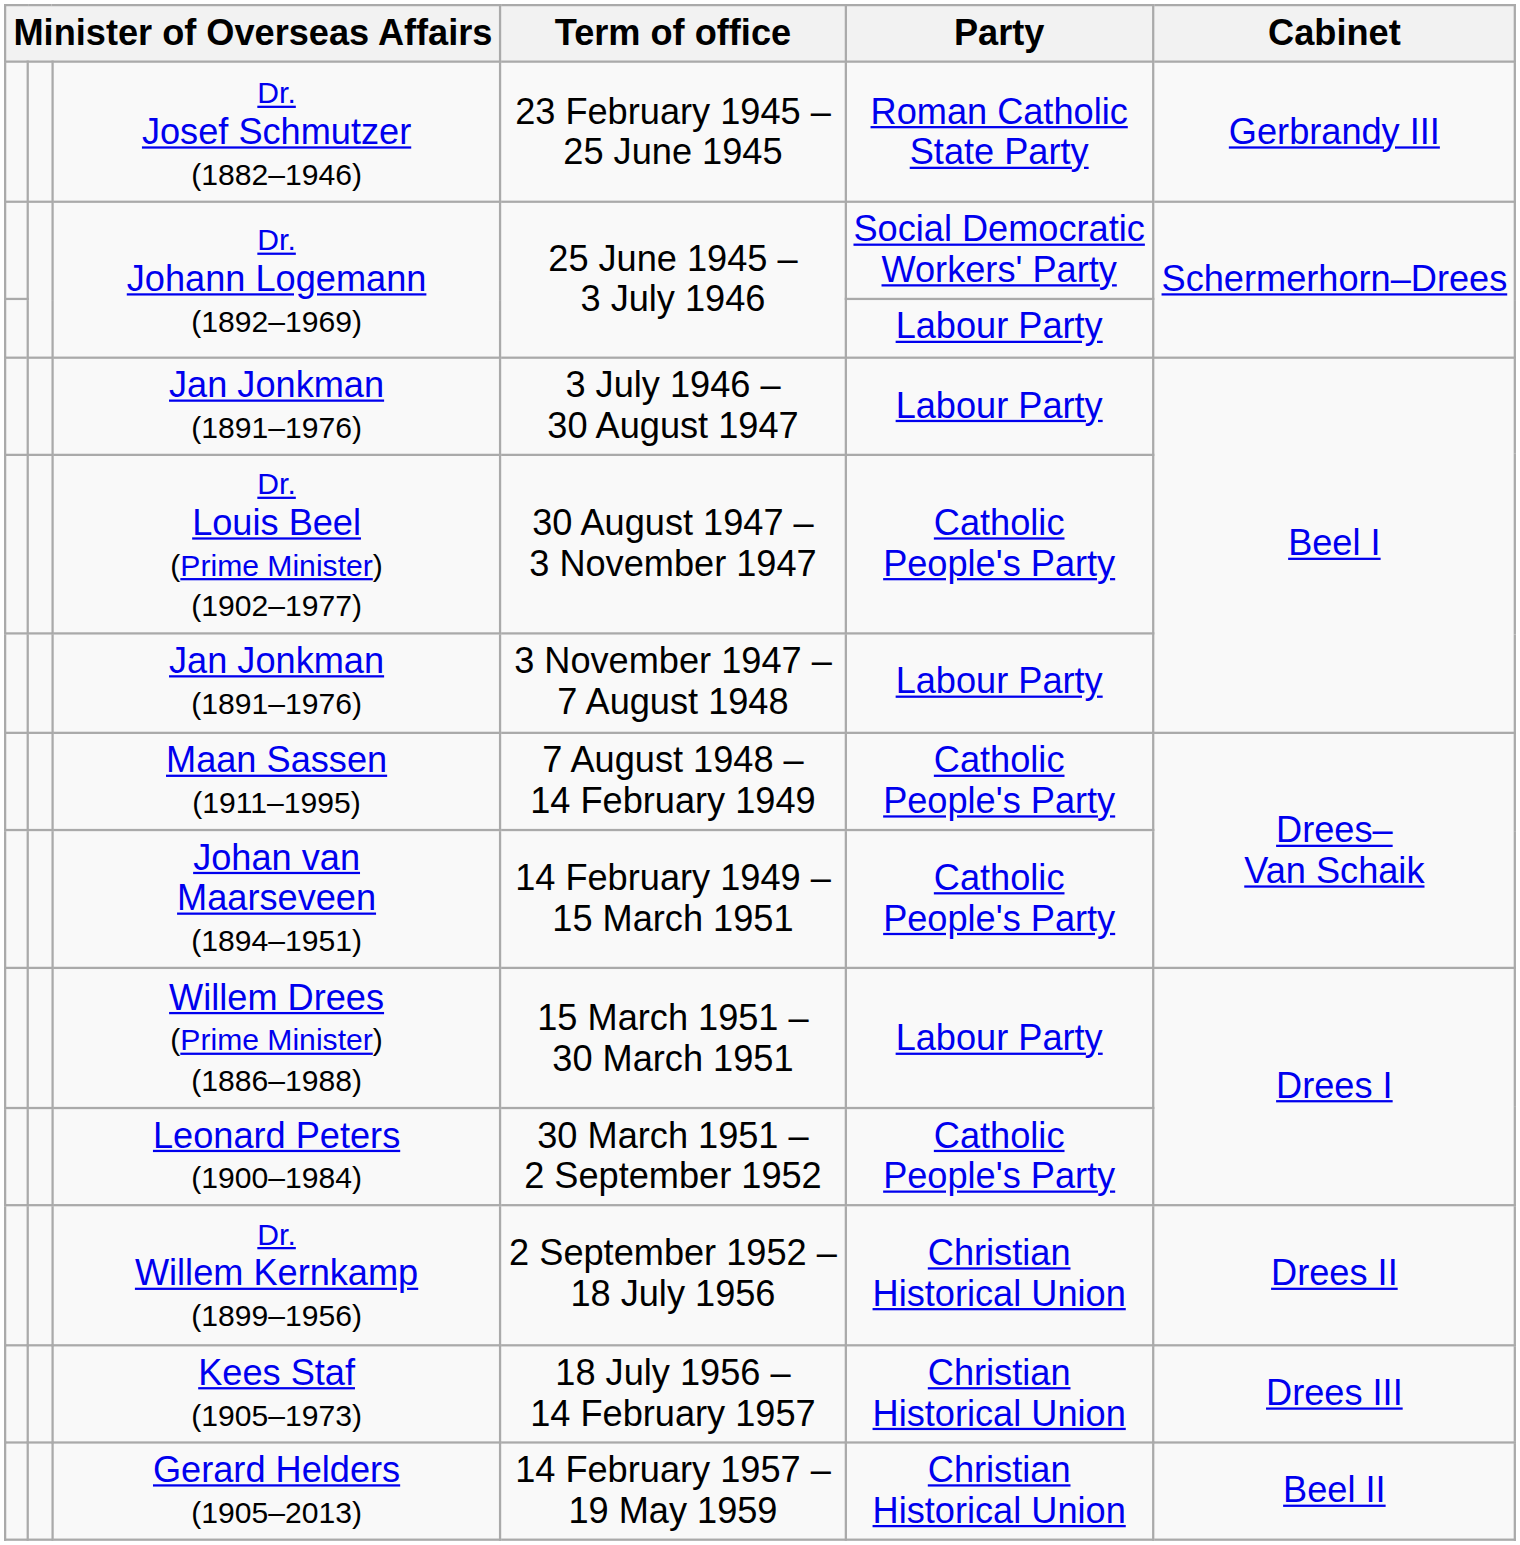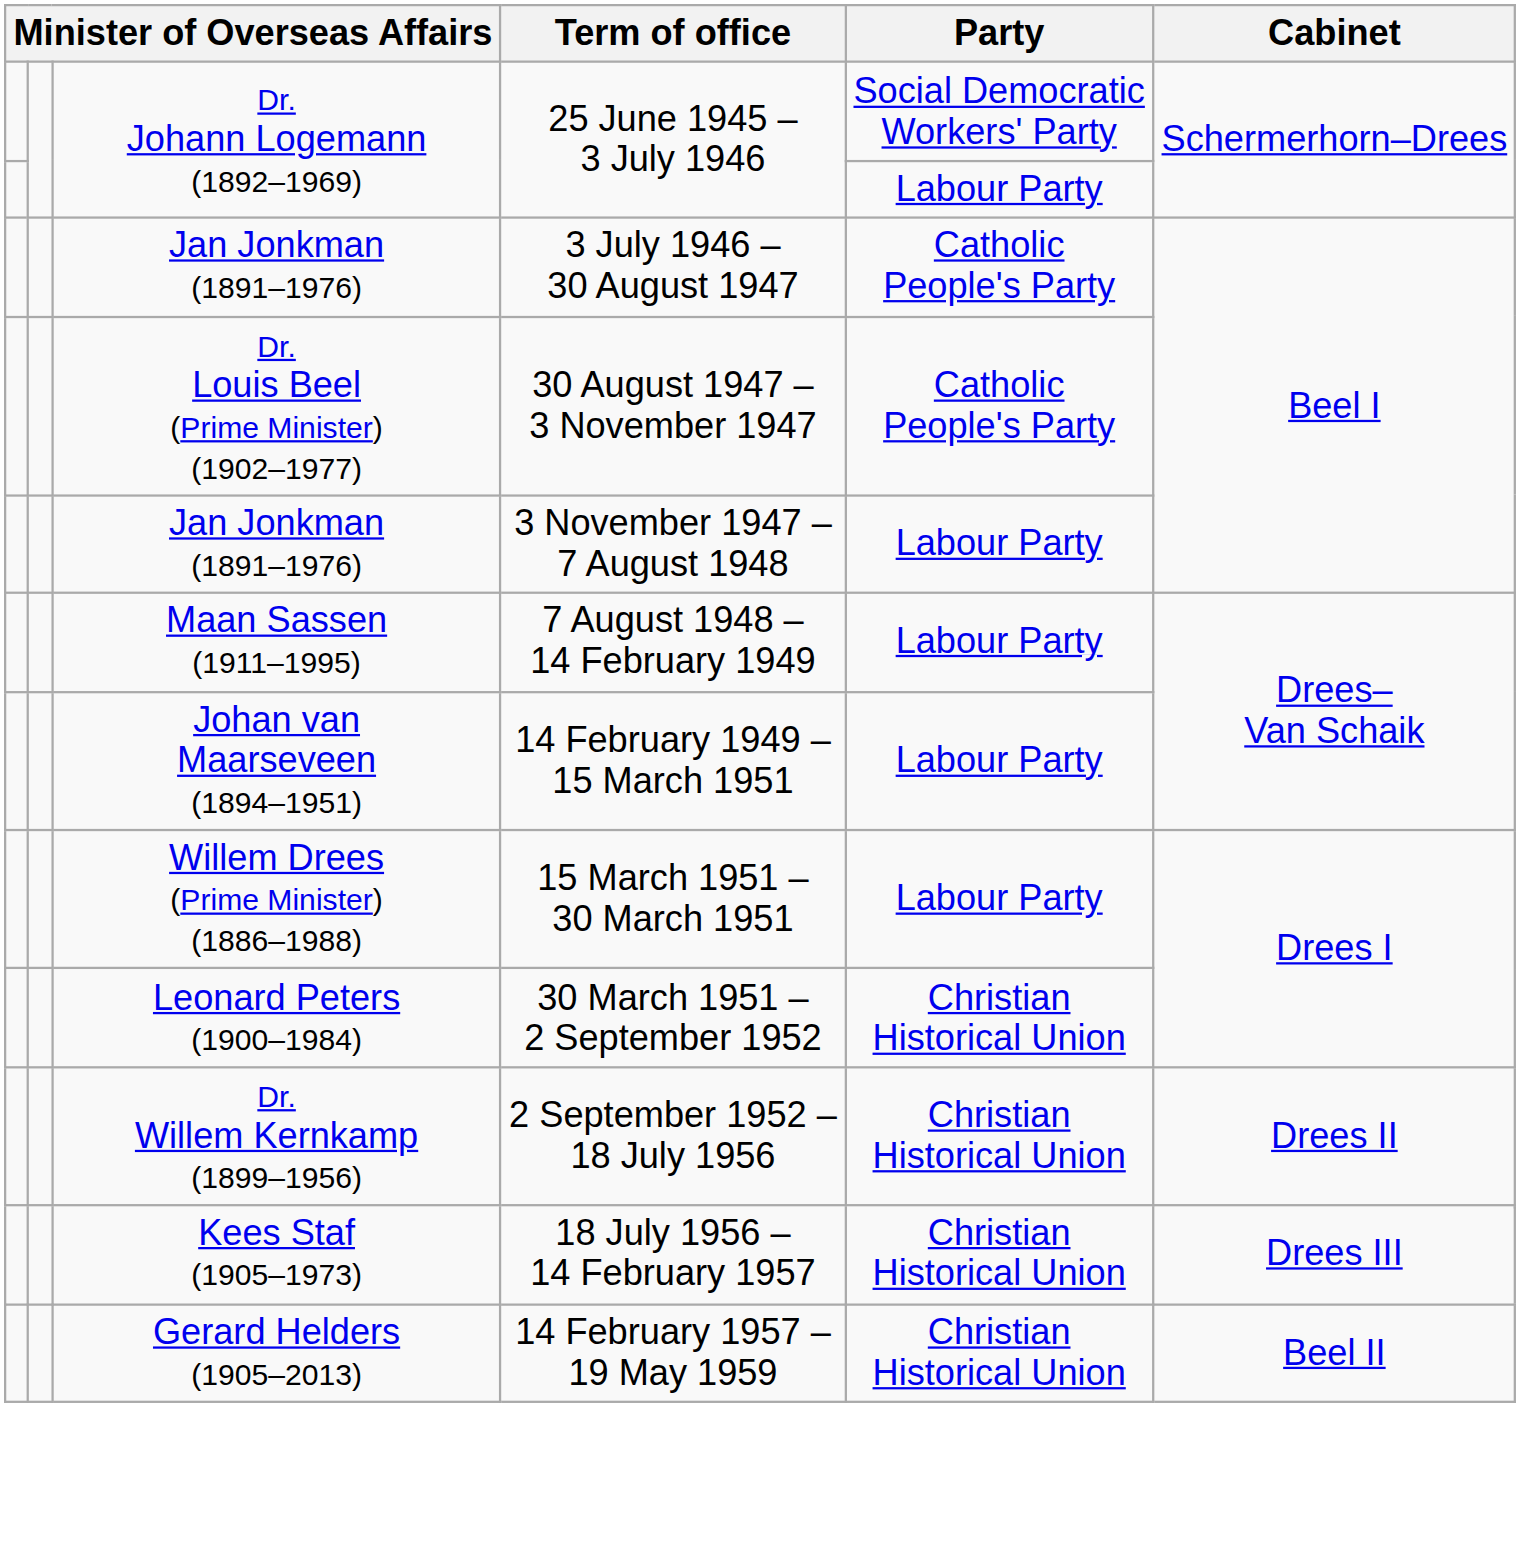 <table class="wikitable" style="text-align:center">
 <tr>
 <th colspan=3>Minister of Overseas Affairs</th>
 <th>Term of office</th>
 <th>Party</th>
 <th>Cabinet</th>
-</tr>
-<tr>
-<td style="background:"></td>
-<td></td>
-<td><small><a href='#'>Dr.</a></small> <br> <a href='#'>Josef Schmutzer</a> <br> <small>(1882–1946)</small></td>
-<td>23 February 1945 – <br> 25 June 1945</td>
-<td><a href='#'>Roman Catholic <br> State Party</a></td>
-<td><a href='#'>Gerbrandy III</a> <br></td>
 </tr>
 <tr>
 <td style="background:"></td>
 <td rowspan=2></td>
 <td rowspan=2><small><a href='#'>Dr.</a></small> <br> <a href='#'>Johann Logemann</a> <br> <small>(1892–1969)</small></td>
 <td rowspan=2>25 June 1945 – <br> 3 July 1946</td>
 <td><a href='#'>Social Democratic <br> Workers' Party</a></td>
 <td rowspan=2><a href='#'>Schermerhorn–Drees</a> <br></td>
 </tr>
 <tr>
 <td style="background:"></td>
 <td><a href='#'>Labour Party</a></td>
 </tr>
 <tr>
 <td style="background:"></td>
 <td></td>
 <td><a href='#'>Jan Jonkman</a> <br> <small>(1891–1976)</small></td>
 <td>3 July 1946 – <br> 30 August 1947 <br> </td>
-<td><a href='#'>Labour Party</a></td>
+<td><a href='#'>Catholic <br> People's Party</a></td>
 <td rowspan=3><a href='#'>Beel I</a> <br></td>
 </tr>
 <tr>
 <td style="background:"></td>
 <td></td>
 <td><small><a href='#'>Dr.</a></small> <br> <a href='#'>Louis Beel</a> <br> <small>(<a href='#'>Prime Minister</a>)</small> <br> <small>(1902–1977)</small></td>
 <td>30 August 1947 – <br> 3 November 1947 <br> </td>
 <td><a href='#'>Catholic <br> People's Party</a></td>
 </tr>
 <tr>
 <td style="background:"></td>
 <td></td>
 <td><a href='#'>Jan Jonkman</a> <br> <small>(1891–1976)</small></td>
 <td>3 November 1947 – <br> 7 August 1948</td>
 <td><a href='#'>Labour Party</a></td>
 </tr>
 <tr>
 <td style="background:"></td>
 <td></td>
 <td><a href='#'>Maan Sassen</a> <br> <small>(1911–1995)</small></td>
 <td>7 August 1948 – <br> 14 February 1949 <br> </td>
-<td><a href='#'>Catholic <br> People's Party</a></td>
+<td><a href='#'>Labour Party</a></td>
 <td rowspan=2><a href='#'>Drees–<br>Van Schaik</a> <br></td>
 </tr>
 <tr>
 <td style="background:"></td>
 <td></td>
 <td><a href='#'>Johan van <br> Maarseveen</a> <br> <small>(1894–1951)</small></td>
 <td>14 February 1949 – <br> 15 March 1951 <br> </td>
-<td><a href='#'>Catholic <br> People's Party</a></td>
+<td><a href='#'>Labour Party</a></td>
 </tr>
 <tr>
 <td style="background:"></td>
 <td></td>
 <td><a href='#'>Willem Drees</a> <br> <small>(<a href='#'>Prime Minister</a>)</small> <br> <small>(1886–1988)</small></td>
 <td>15 March 1951 – <br> 30 March 1951 <br> </td>
 <td><a href='#'>Labour Party</a></td>
 <td rowspan=2><a href='#'>Drees I</a> <br></td>
 </tr>
 <tr>
 <td style="background:"></td>
 <td></td>
 <td><a href='#'>Leonard Peters</a> <br> <small>(1900–1984)</small></td>
 <td>30 March 1951 – <br> 2 September 1952</td>
-<td><a href='#'>Catholic <br> People's Party</a></td>
+<td><a href='#'>Christian <br> Historical Union</a></td>
 </tr>
 <tr>
 <td style="background:"></td>
 <td></td>
 <td><small><a href='#'>Dr.</a></small> <br> <a href='#'>Willem Kernkamp</a> <br> <small>(1899–1956)</small></td>
 <td>2 September 1952 – <br> 18 July 1956 <br> </td>
 <td><a href='#'>Christian <br> Historical Union</a></td>
 <td rowspan=2><a href='#'>Drees II</a> <br></td>
 </tr>
 <tr>
 <td rowspan=2 style="background:"></td>
 <td rowspan=2></td>
 <td rowspan=2><a href='#'>Kees Staf</a> <br> <small>(1905–1973)</small></td>
 <td rowspan=2>18 July 1956 – <br> 14 February 1957 <br>  </td>
 <td rowspan=2><a href='#'>Christian <br> Historical Union</a></td>
 </tr>
 <tr>
 <td rowspan=2><a href='#'>Drees III</a> <br></td>
 </tr>
 <tr>
 <td rowspan=2 style="background:"></td>
 <td rowspan=2></td>
 <td rowspan=2><a href='#'>Gerard Helders</a> <br> <small>(1905–2013)</small></td>
 <td rowspan=2>14 February 1957 – <br> 19 May 1959</td>
 <td rowspan=2><a href='#'>Christian <br> Historical Union</a></td>
 </tr>
 <tr>
 <td><a href='#'>Beel II</a> <br></td>
 </tr>
 </table>
